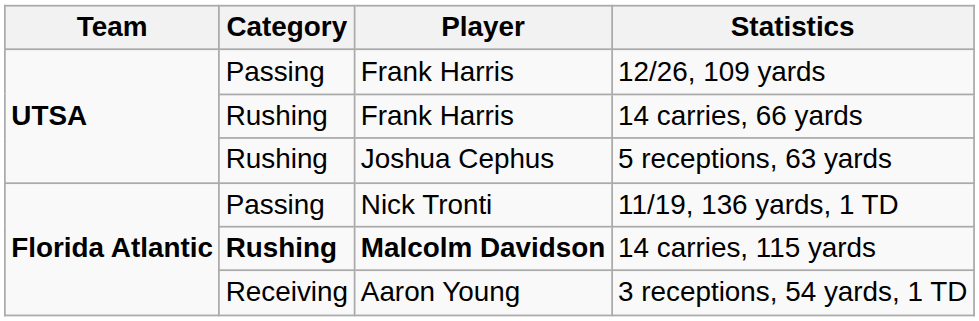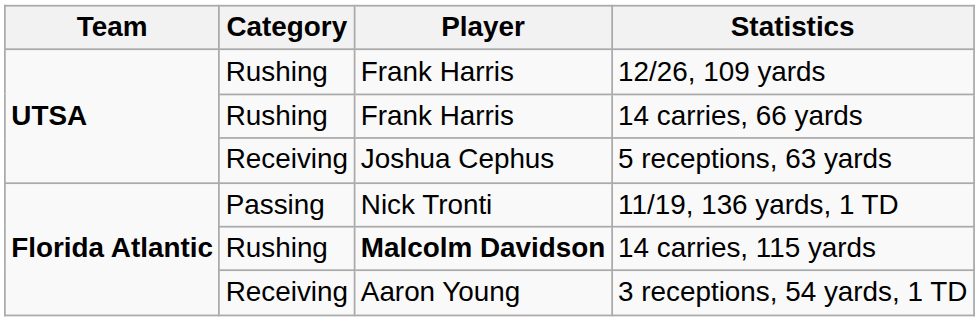 <table class="wikitable" style="float: left;">
 <tr>
 <th>Team</th>
 <th>Category</th>
 <th>Player</th>
 <th>Statistics</th>
 </tr>
 <tr>
 <td rowspan=3><strong>UTSA</strong></td>
-<td>Passing</td>
+<td>Rushing</td>
 <td>Frank Harris</td>
 <td>12/26, 109 yards</td>
 </tr>
 <tr>
 <td>Rushing</td>
 <td>Frank Harris</td>
 <td>14 carries, 66 yards</td>
 </tr>
 <tr>
-<td>Rushing</td>
+<td>Receiving</td>
 <td>Joshua Cephus</td>
 <td>5 receptions, 63 yards</td>
 </tr>
 <tr>
 <td rowspan=3><strong>Florida Atlantic</strong></td>
 <td>Passing</td>
 <td>Nick Tronti</td>
 <td>11/19, 136 yards, 1 TD</td>
 </tr>
 <tr>
-<td><strong>Rushing</strong></td>
+<td>Rushing</td>
 <td><strong>Malcolm Davidson</strong></td>
 <td>14 carries, 115 yards</td>
 </tr>
 <tr>
 <td>Receiving</td>
 <td>Aaron Young</td>
 <td>3 receptions, 54 yards, 1 TD</td>
 </tr>
 </table>
